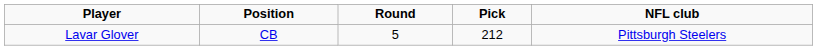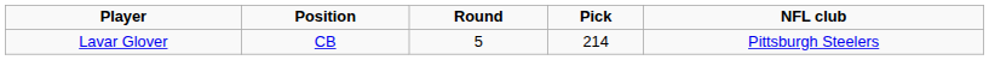 <table class="wikitable" width="80%">
 <tr align="center">
 <td><strong>Player</strong></td>
 <td><strong>Position</strong></td>
 <td><strong>Round</strong></td>
 <td><strong>Pick</strong></td>
 <td><strong>NFL club</strong></td>
 </tr>
 <tr align="center" bgcolor="">
 <td><a href='#'>Lavar Glover</a></td>
 <td><a href='#'>CB</a></td>
 <td>5</td>
-<td>212</td>
+<td>214</td>
 <td><a href='#'>Pittsburgh Steelers</a></td>
 </tr>
 </table>
